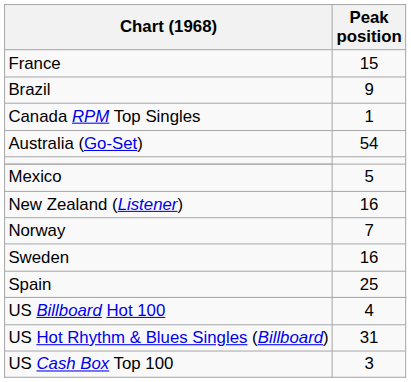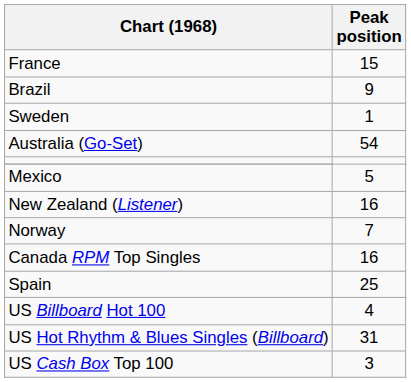 <table class="wikitable sortable">
 <tr>
 <th>Chart (1968)</th>
 <th>Peak<br>position</th>
 </tr>
 <tr>
 <td>France</td>
 <td style="text-align:center;">15</td>
 </tr>
 <tr>
 <td>Brazil</td>
 <td style="text-align:center;">9</td>
 </tr>
 <tr>
-<td>Canada <em><a href='#'>RPM</a></em> Top Singles</td>
+<td>Sweden</td>
 <td style="text-align:center;">1</td>
 </tr>
 <tr>
 <td>Australia (<a href='#'>Go-Set</a>)</td>
 <td style="text-align:center;">54</td>
 </tr>
 <tr>
 <td></td>
 </tr>
 <tr>
 </tr>
 <tr>
 <td>Mexico</td>
 <td style="text-align:center;">5</td>
 </tr>
 <tr>
 <td>New Zealand (<em><a href='#'>Listener</a></em>)</td>
 <td style="text-align:center;">16</td>
 </tr>
 <tr>
 <td>Norway</td>
 <td style="text-align:center;">7</td>
 </tr>
 <tr>
-<td>Sweden</td>
+<td>Canada <em><a href='#'>RPM</a></em> Top Singles</td>
 <td style="text-align:center;">16</td>
 </tr>
 <tr>
 <td>Spain</td>
 <td style="text-align:center;">25</td>
 </tr>
 <tr>
 </tr>
 <tr>
 <td>US <em><a href='#'>Billboard</a></em> <a href='#'>Hot 100</a></td>
 <td style="text-align:center;">4</td>
 </tr>
 <tr>
 <td scope="row">US <a href='#'>Hot Rhythm & Blues Singles</a> (<em><a href='#'>Billboard</a></em>)</td>
 <td style="text-align:center;">31</td>
 </tr>
 <tr>
 <td>US <a href='#'><em>Cash Box</em></a> Top 100</td>
 <td align="center">3</td>
 </tr>
 </table>
